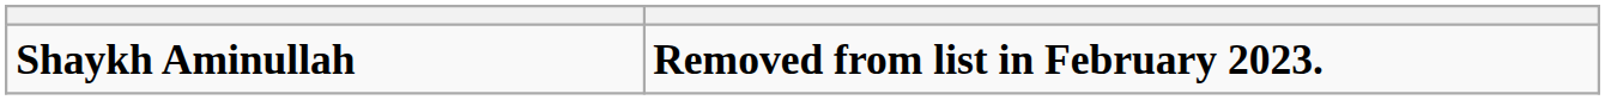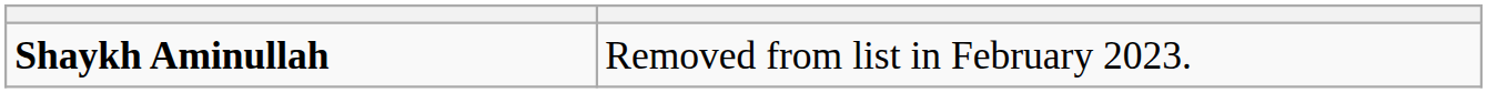 <table class="wikitable" border="1" align="center" width="600px">
 <tr>
 <th width="40%"></th>
 <th width="60%"></th>
 </tr>
 <tr>
 <td><strong>Shaykh Aminullah</strong></td>
-<td><strong>Removed from list in February 2023.</strong></td>
+<td>Removed from list in February 2023.</td>
 </tr>
 </table>
